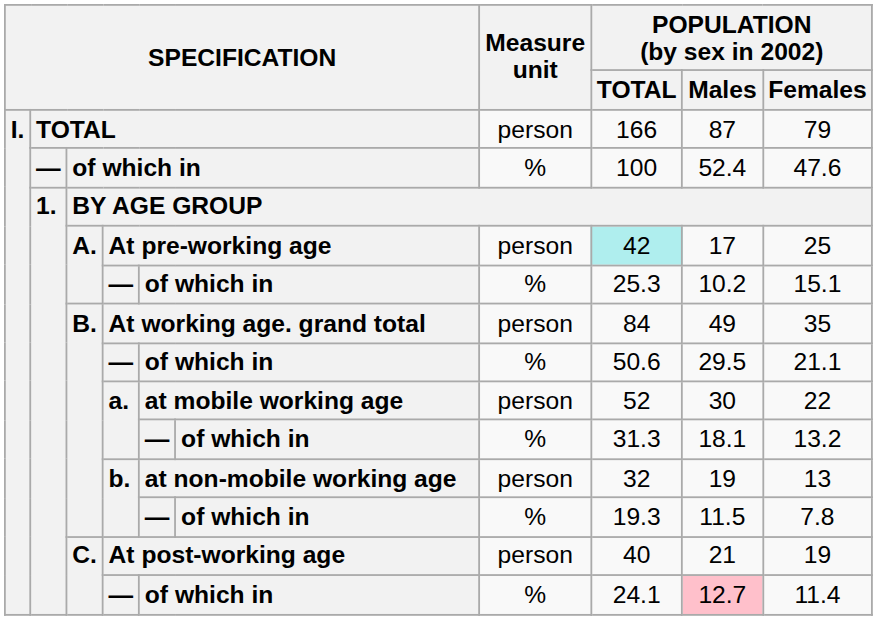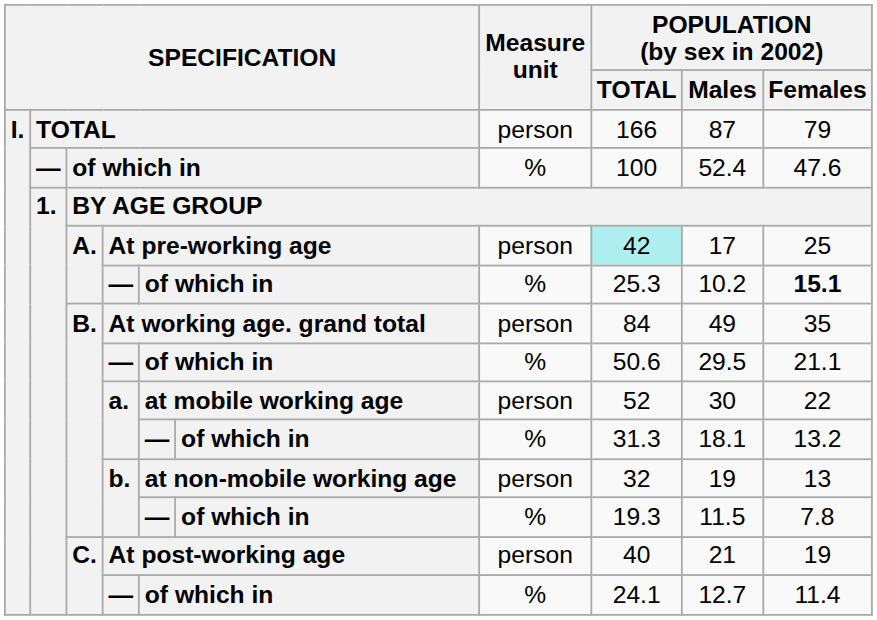 <table class="wikitable" style="font-size:85%; text-align:center">
 <tr>
 <th rowspan="2" colspan="6">SPECIFICATION</th>
 <th rowspan="2">Measure<br> unit</th>
 <th colspan="3" rowspan="1">POPULATION<br> (by sex in 2002)</th>
 </tr>
 <tr>
 <th>TOTAL</th>
 <th>Males</th>
 <th>Females</th>
 </tr>
 <tr>
 <th style="text-align:left" valign="top" rowspan="13">I.</th>
 <th style="text-align:left" colspan="5">TOTAL</th>
 <td>person</td>
 <td>166</td>
 <td>87</td>
 <td>79</td>
 </tr>
 <tr>
 <th style="text-align:left" valign="top">—</th>
 <th style="text-align:left" colspan="4">of which in</th>
 <td>%</td>
 <td>100</td>
 <td>52.4</td>
 <td>47.6</td>
 </tr>
 <tr>
 <th style="text-align:left" valign="top" rowspan="11">1.</th>
 <th style="text-align:left" colspan="19">BY AGE GROUP</th>
 </tr>
 <tr>
 <th style="text-align:left" valign="top" rowspan="2">A.</th>
 <th style="text-align:left" colspan="3">At pre-working age</th>
 <td>person</td>
 <td style="background: paleturquoise;">42</td>
 <td>17</td>
 <td>25</td>
 </tr>
 <tr>
 <th style="text-align:left" valign="top">—</th>
 <th style="text-align:left" valign="top" colspan="2">of which in</th>
 <td>%</td>
 <td>25.3</td>
 <td>10.2</td>
-<td>15.1</td>
+<td><strong>15.1</strong></td>
 </tr>
 <tr>
 <th style="text-align:left" valign="top" rowspan="6">B.</th>
 <th style="text-align:left" colspan="3">At working age. grand total</th>
 <td>person</td>
 <td>84</td>
 <td>49</td>
 <td>35</td>
 </tr>
 <tr>
 <th style="text-align:left" valign="top">—</th>
 <th style="text-align:left" valign="top" colspan="2">of which in</th>
 <td>%</td>
 <td>50.6</td>
 <td>29.5</td>
 <td>21.1</td>
 </tr>
 <tr>
 <th style="text-align:left" valign="top" rowspan="2">a.</th>
 <th style="text-align:left" colspan="2">at mobile working age</th>
 <td>person</td>
 <td>52</td>
 <td>30</td>
 <td>22</td>
 </tr>
 <tr>
 <th style="text-align:left" valign="top">—</th>
 <th style="text-align:left" valign="top" colspan="1">of which in                        </th>
 <td>%</td>
 <td>31.3</td>
 <td>18.1</td>
 <td>13.2</td>
 </tr>
 <tr>
 <th style="text-align:left" valign="top" rowspan="2">b.</th>
 <th style="text-align:left" colspan="2">at non-mobile working age</th>
 <td>person</td>
 <td>32</td>
 <td>19</td>
 <td>13</td>
 </tr>
 <tr>
 <th style="text-align:left" valign="top">—</th>
 <th style="text-align:left" valign="top" colspan="1">of which in                        </th>
 <td>%</td>
 <td>19.3</td>
 <td>11.5</td>
 <td>7.8</td>
 </tr>
 <tr>
 <th style="text-align:left" valign="top" rowspan="2">C.</th>
 <th style="text-align:left" colspan="3">At post-working age</th>
 <td>person</td>
 <td>40</td>
 <td>21</td>
 <td>19</td>
 </tr>
 <tr>
 <th style="text-align:left" valign="top">—</th>
 <th style="text-align:left" valign="top" colspan="2">of which in</th>
 <td>%</td>
 <td>24.1</td>
-<td style="background: pink;">12.7</td>
+<td>12.7</td>
 <td>11.4</td>
 </tr>
 </table>
